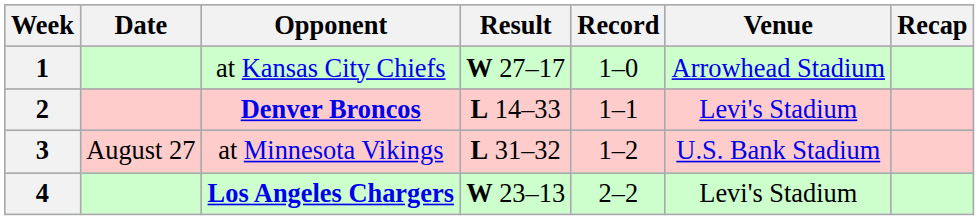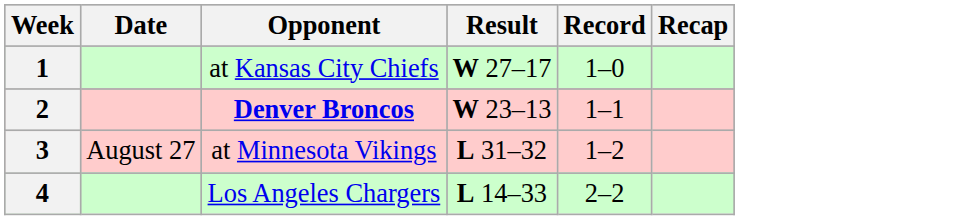 <table class="wikitable" style="text-align:center">
 <tr>
 <th>Week</th>
 <th>Date</th>
 <th>Opponent</th>
 <th>Result</th>
 <th>Record</th>
-<th>Venue</th>
 <th>Recap</th>
 </tr>
 <tr style="background:#cfc">
 <th>1</th>
 <td></td>
 <td>at <a href='#'>Kansas City Chiefs</a></td>
 <td><strong>W</strong> 27–17</td>
 <td>1–0</td>
-<td><a href='#'>Arrowhead Stadium</a></td>
 <td></td>
 </tr>
 <tr style="background:#fcc">
 <th>2</th>
 <td></td>
 <td><strong><a href='#'>Denver Broncos</a></strong></td>
-<td><strong>L</strong> 14–33</td>
+<td><strong>W</strong> 23–13</td>
 <td>1–1</td>
-<td><a href='#'>Levi's Stadium</a></td>
 <td></td>
 </tr>
 <tr style="background:#fcc">
 <th>3</th>
 <td>August 27</td>
 <td>at <a href='#'>Minnesota Vikings</a></td>
 <td><strong>L</strong> 31–32</td>
 <td>1–2</td>
-<td><a href='#'>U.S. Bank Stadium</a></td>
 <td></td>
 </tr>
 <tr style="background:#cfc">
 <th>4</th>
 <td></td>
-<td><strong><a href='#'>Los Angeles Chargers</a></strong></td>
-<td><strong>W</strong> 23–13</td>
+<td><a href='#'>Los Angeles Chargers</a></td>
+<td><strong>L</strong> 14–33</td>
 <td>2–2</td>
-<td>Levi's Stadium</td>
 <td></td>
 </tr>
 </table>
